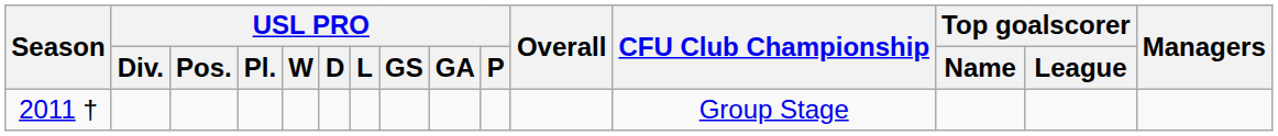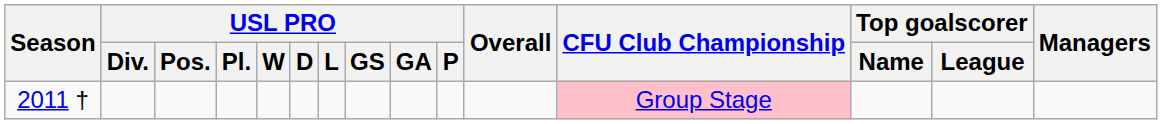 <table class="wikitable">
 <tr style="background:#efefef;">
 <th rowspan="2">Season</th>
 <th colspan="9"><a href='#'>USL PRO</a></th>
 <th rowspan="2">Overall</th>
 <th rowspan="2"><a href='#'>CFU Club Championship</a></th>
 <th colspan="2">Top goalscorer</th>
 <th rowspan="2">Managers</th>
 </tr>
 <tr>
 <th>Div.</th>
 <th>Pos.</th>
 <th>Pl.</th>
 <th>W</th>
 <th>D</th>
 <th>L</th>
 <th>GS</th>
 <th>GA</th>
 <th>P</th>
 <th>Name</th>
 <th>League</th>
 </tr>
 <tr>
 <td align=center><a href='#'>2011</a> †</td>
 <td align=center></td>
 <td align=center></td>
 <td align=center></td>
 <td align=center></td>
 <td align=center></td>
 <td align=center></td>
 <td align=center></td>
 <td align=center></td>
 <td align=center></td>
 <td align=center></td>
-<td align=center><a href='#'>Group Stage</a></td>
+<td align=center style="background: pink;"><a href='#'>Group Stage</a></td>
 <td align=center></td>
 <td align=center></td>
 <td align=center></td>
 </tr>
 </table>
